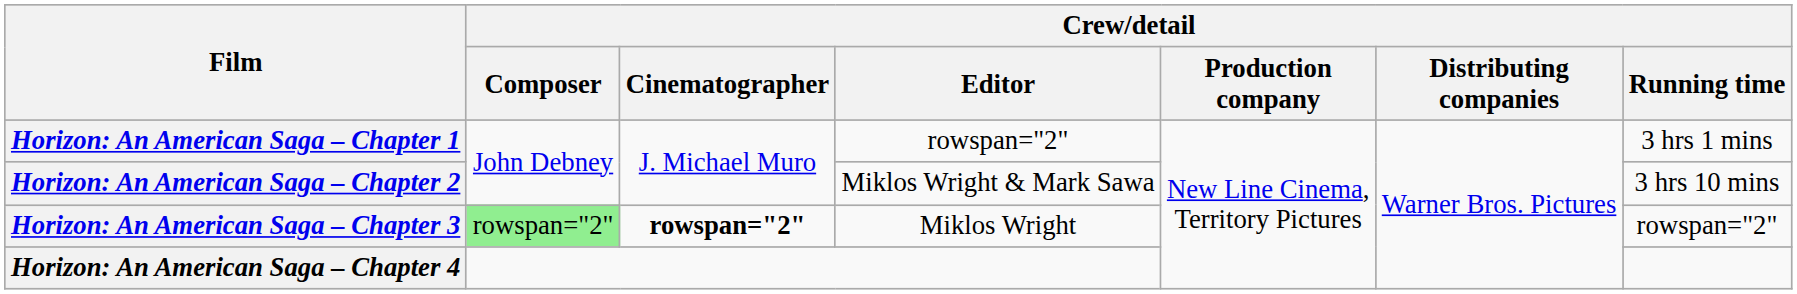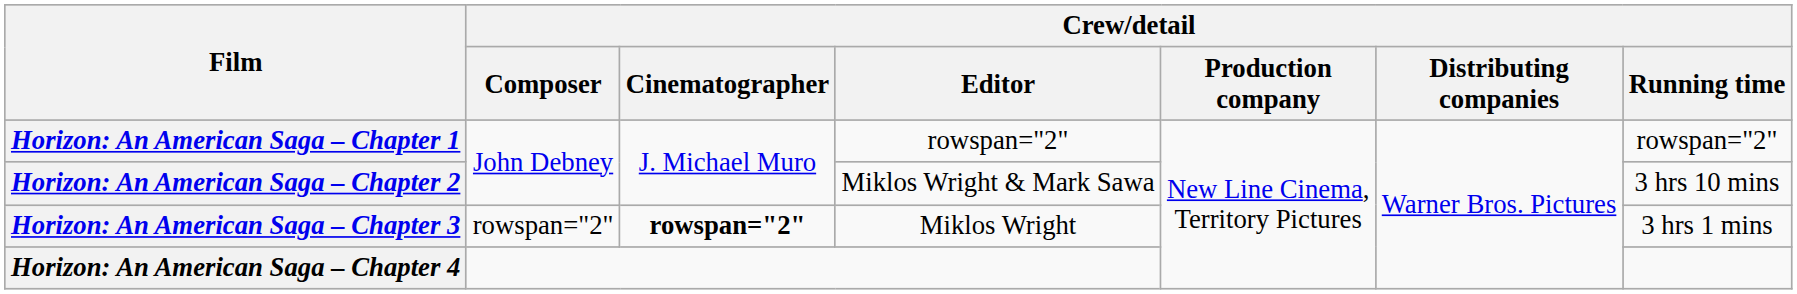 <table class="wikitable sortable" style="text-align:center">
 <tr>
 <th rowspan="2">Film</th>
 <th colspan="7">Crew/detail</th>
 </tr>
 <tr>
 <th style="text-align:center;">Composer</th>
 <th style="text-align:center;">Cinematographer</th>
 <th style="text-align:center;">Editor</th>
 <th style="text-align:center;">Production<br>company</th>
 <th style="text-align:center;">Distributing<br>companies</th>
 <th style="text-align:center;">Running time</th>
 </tr>
 <tr>
 <th><em><a href='#'>Horizon: An American Saga – Chapter 1</a></em></th>
 <td rowspan="2"><a href='#'>John Debney</a></td>
 <td rowspan="2"><a href='#'>J. Michael Muro</a></td>
 <td>rowspan="2" </td>
 <td rowspan="4"><a href='#'>New Line Cinema</a>, <br>Territory Pictures</td>
 <td rowspan="4"><a href='#'>Warner Bros. Pictures</a></td>
-<td>3 hrs 1 mins</td>
+<td>rowspan="2" </td>
 </tr>
 <tr>
 <th><em><a href='#'>Horizon: An American Saga – Chapter 2</a></em></th>
 <td>Miklos Wright & Mark Sawa</td>
 <td>3 hrs 10 mins</td>
 </tr>
 <tr>
 <th><em><a href='#'>Horizon: An American Saga – Chapter 3</a></em></th>
-<td style="background: lightgreen;">rowspan="2" </td>
+<td>rowspan="2" </td>
 <td><strong>rowspan="2" </strong></td>
 <td>Miklos Wright</td>
-<td>rowspan="2" </td>
+<td>3 hrs 1 mins</td>
 </tr>
 <tr>
 <th><em>Horizon: An American Saga – Chapter 4</em></th>
 </tr>
 </table>
